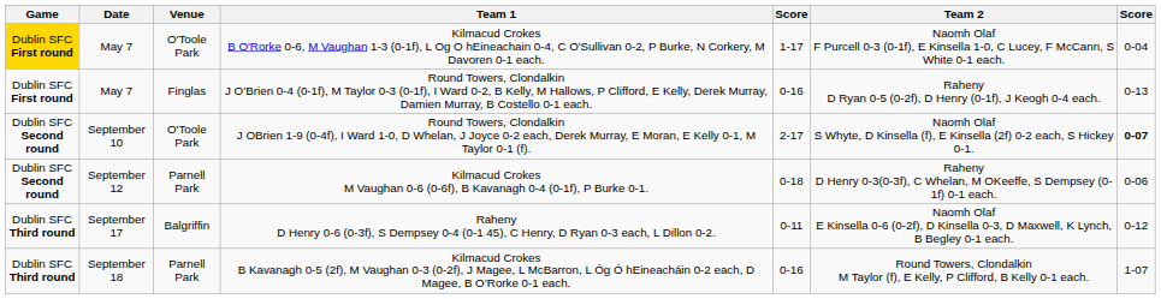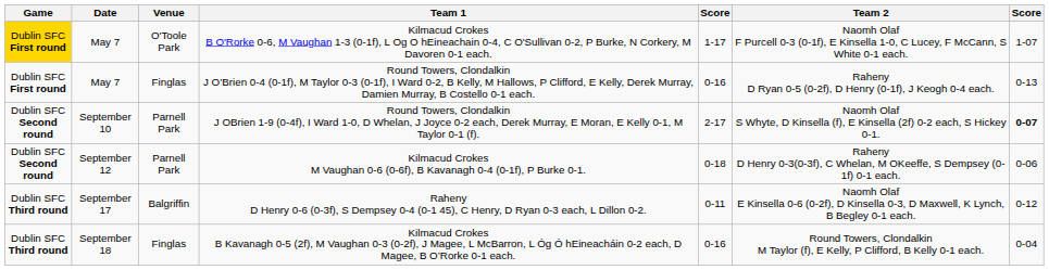 <table class="wikitable">
 <tr>
 <th>Game</th>
 <th>Date</th>
 <th>Venue</th>
 <th>Team 1</th>
 <th>Score</th>
 <th>Team 2</th>
 <th>Score</th>
 </tr>
 <tr style="text-align:center;">
 <td style="background: gold;">Dublin SFC<br><strong>First round</strong></td>
 <td>May 7</td>
 <td>O'Toole Park</td>
 <td>Kilmacud Crokes<br><a href='#'>B O'Rorke</a> 0-6, <a href='#'>M Vaughan</a> 1-3 (0-1f), L Og O hEineachain 0-4, C O'Sullivan 0-2, P Burke, N Corkery, M Davoren 0-1 each.</td>
 <td>1-17</td>
 <td>Naomh Olaf<br>F Purcell 0-3 (0-1f), E Kinsella 1-0, C Lucey, F McCann, S White 0-1 each.</td>
-<td>0-04</td>
+<td>1-07</td>
 </tr>
 <tr style="text-align:center;">
 <td>Dublin SFC<br><strong>First round</strong></td>
 <td>May 7</td>
 <td>Finglas</td>
 <td>Round Towers, Clondalkin<br>J O’Brien 0-4 (0-1f), M Taylor 0-3 (0-1f), I Ward 0-2, B Kelly, M Hallows, P Clifford, E Kelly, Derek Murray, Damien Murray, B Costello 0-1 each.</td>
 <td>0-16</td>
 <td>Raheny<br>D Ryan 0-5 (0-2f), D Henry (0-1f), J Keogh 0-4 each.</td>
 <td>0-13</td>
 </tr>
 <tr style="text-align:center;">
 <td>Dublin SFC<br><strong>Second round</strong></td>
 <td>September 10</td>
-<td>O'Toole Park</td>
+<td>Parnell Park</td>
 <td>Round Towers, Clondalkin<br>J OBrien 1-9 (0-4f), I Ward 1-0, D Whelan, J Joyce 0-2 each, Derek Murray, E Moran, E Kelly 0-1, M Taylor 0-1 (f).</td>
 <td>2-17</td>
 <td>Naomh Olaf<br>S Whyte, D Kinsella (f), E Kinsella (2f) 0-2 each, S Hickey 0-1.</td>
 <td><strong>0-07</strong></td>
 </tr>
 <tr style="text-align:center;">
 <td>Dublin SFC<br><strong>Second round</strong></td>
 <td>September 12</td>
 <td>Parnell Park</td>
 <td>Kilmacud Crokes<br>M Vaughan 0-6 (0-6f), B Kavanagh 0-4 (0-1f), P Burke 0-1.</td>
 <td>0-18</td>
 <td>Raheny<br>D Henry 0-3(0-3f), C Whelan, M OKeeffe, S Dempsey (0-1f) 0-1 each.</td>
 <td>0-06</td>
 </tr>
 <tr style="text-align:center;">
 <td>Dublin SFC<br><strong>Third round</strong></td>
 <td>September 17</td>
 <td>Balgriffin</td>
 <td>Raheny<br>D Henry 0-6 (0-3f), S Dempsey 0-4 (0-1 45), C Henry, D Ryan 0-3 each, L Dillon 0-2.</td>
 <td>0-11</td>
 <td>Naomh Olaf<br>E Kinsella 0-6 (0-2f), D Kinsella 0-3, D Maxwell, K Lynch, B Begley 0-1 each.</td>
 <td>0-12</td>
 </tr>
 <tr style="text-align:center;">
 <td>Dublin SFC<br><strong>Third round</strong></td>
 <td>September 18</td>
-<td>Parnell Park</td>
+<td>Finglas</td>
 <td>Kilmacud Crokes<br>B Kavanagh 0-5 (2f), M Vaughan 0-3 (0-2f), J Magee, L McBarron, L Óg Ó hEineacháin 0-2 each, D Magee, B O’Rorke 0-1 each.</td>
 <td>0-16</td>
 <td>Round Towers, Clondalkin<br>M Taylor (f), E Kelly, P Clifford, B Kelly 0-1 each.</td>
-<td>1-07</td>
+<td>0-04</td>
 </tr>
 </table>
